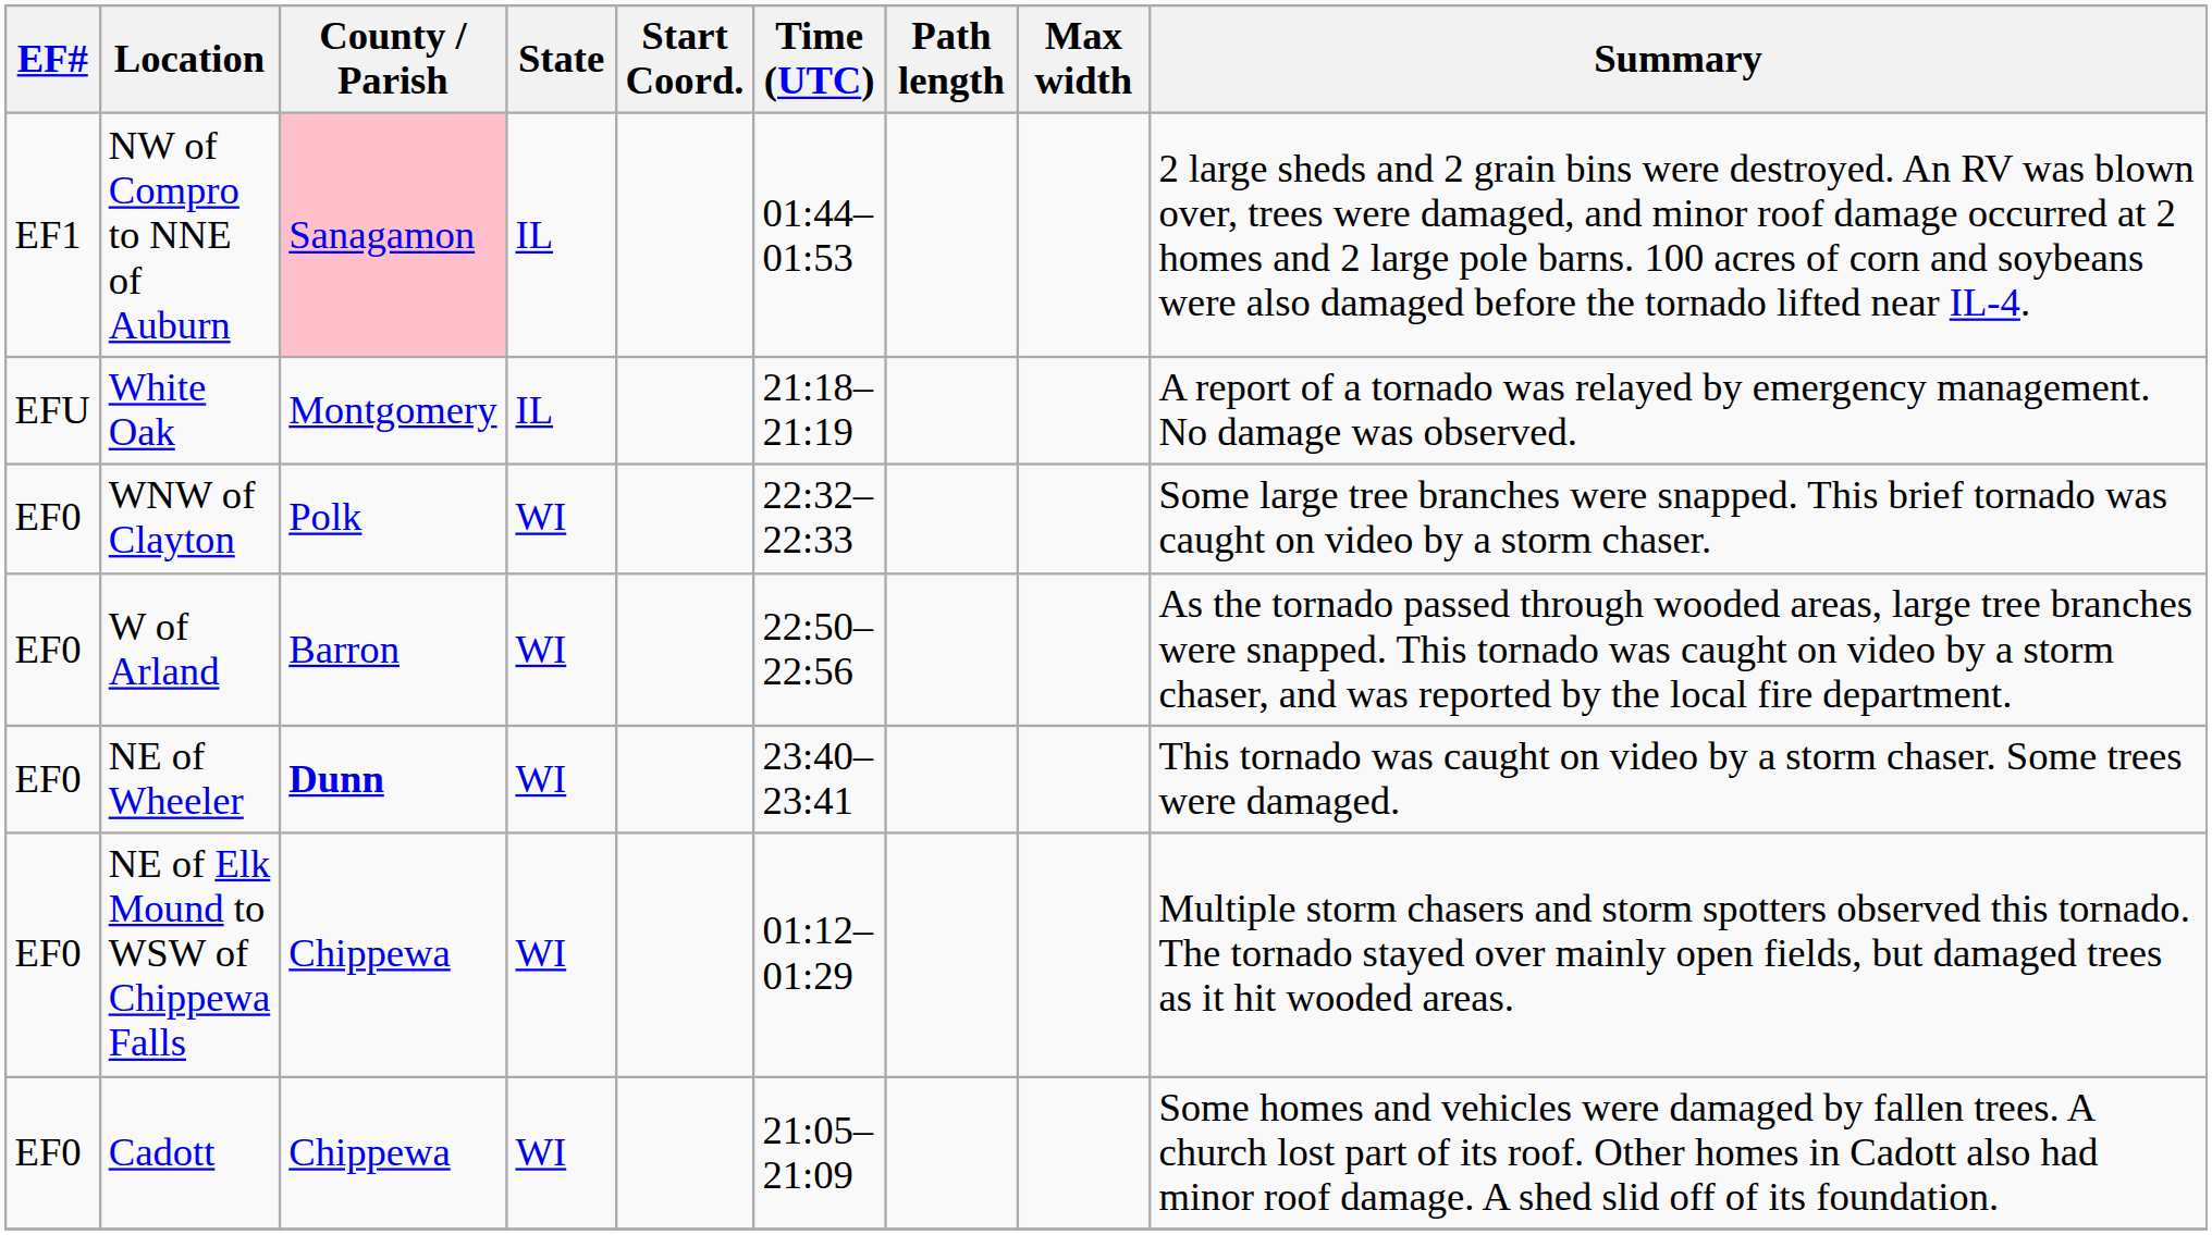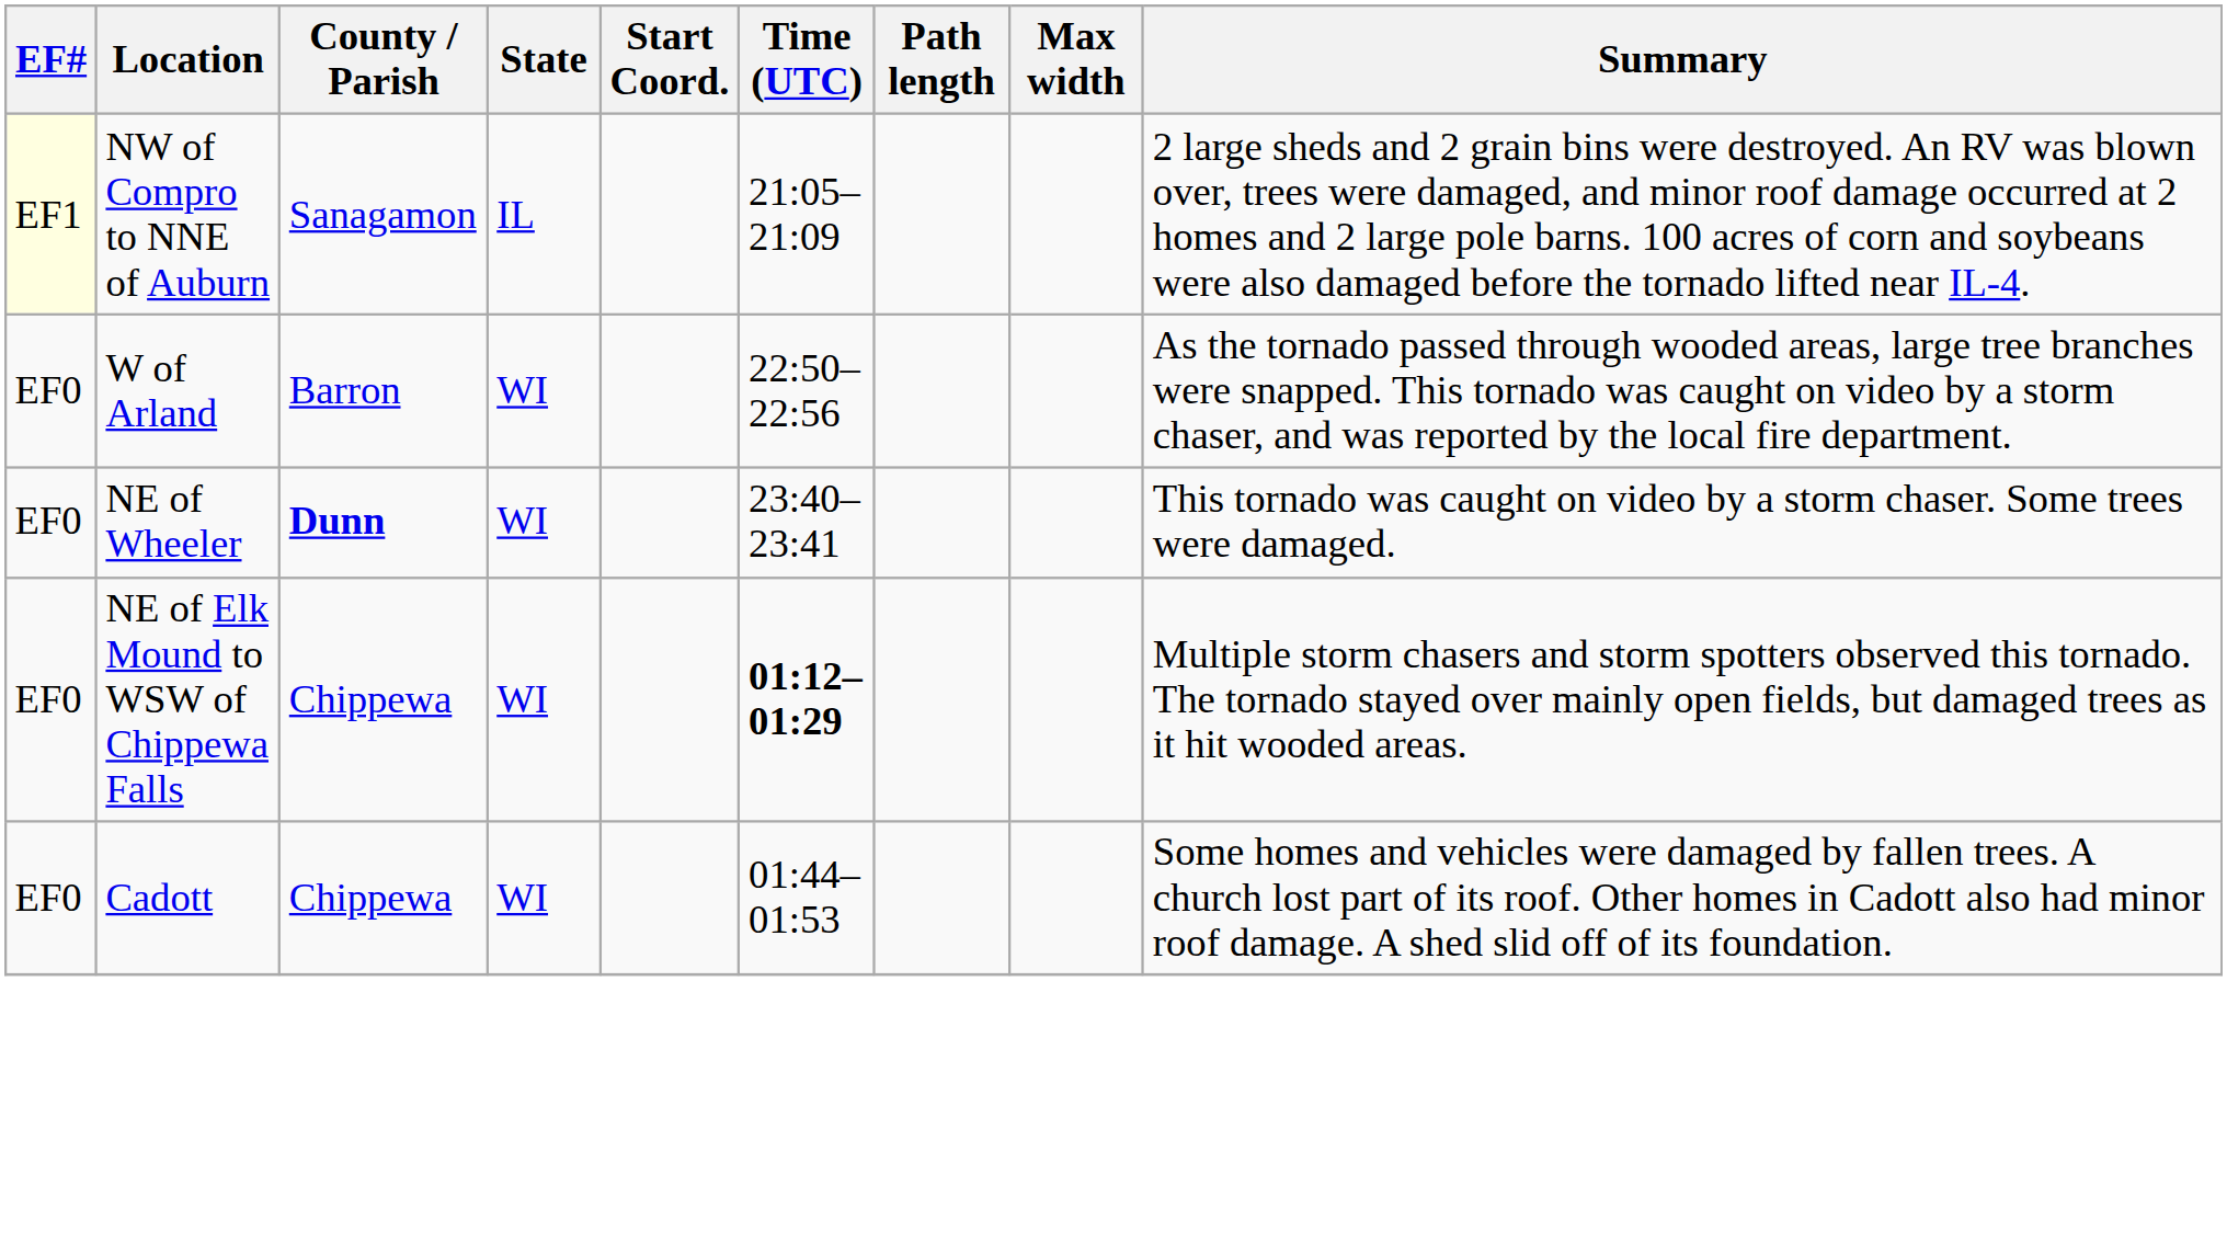 <table class="wikitable sortable" style="width:100%;">
 <tr>
 <th scope="col"  style="width:3%; text-align:center;"><a href='#'>EF#</a></th>
 <th scope="col"  style="width:7%; text-align:center;" class="unsortable">Location</th>
 <th scope="col"  style="width:6%; text-align:center;" class="unsortable">County / Parish</th>
 <th scope="col"  style="width:5%; text-align:center;">State</th>
 <th scope="col"  style="width:6%; text-align:center;">Start Coord.</th>
 <th scope="col"  style="width:6%; text-align:center;">Time (<a href='#'>UTC</a>)</th>
 <th scope="col"  style="width:6%; text-align:center;">Path length</th>
 <th scope="col"  style="width:6%; text-align:center;">Max width</th>
 <th scope="col" class="unsortable" style="width:48%; text-align:center;">Summary</th>
 </tr>
 <tr>
-<td>EF1</td>
+<td style="background: lightyellow;">EF1</td>
 <td>NW of <a href='#'>Compro</a> to NNE of <a href='#'>Auburn</a></td>
-<td style="background: pink;"><a href='#'>Sanagamon</a></td>
+<td><a href='#'>Sanagamon</a></td>
 <td><a href='#'>IL</a></td>
 <td></td>
-<td>01:44–01:53</td>
+<td>21:05–21:09</td>
 <td></td>
 <td></td>
 <td>2 large sheds and 2 grain bins were destroyed. An RV was blown over, trees were damaged, and minor roof damage occurred at 2 homes and 2 large pole barns. 100 acres of corn and soybeans were also damaged before the tornado lifted near <a href='#'>IL-4</a>.</td>
-</tr>
-<tr>
-<td>EFU</td>
-<td><a href='#'>White Oak</a></td>
-<td><a href='#'>Montgomery</a></td>
-<td><a href='#'>IL</a></td>
-<td></td>
-<td>21:18–21:19</td>
-<td></td>
-<td></td>
-<td>A report of a tornado was relayed by emergency management. No damage was observed.</td>
-</tr>
-<tr>
-<td>EF0</td>
-<td>WNW of <a href='#'>Clayton</a></td>
-<td><a href='#'>Polk</a></td>
-<td><a href='#'>WI</a></td>
-<td></td>
-<td>22:32–22:33</td>
-<td></td>
-<td></td>
-<td>Some large tree branches were snapped. This brief tornado was caught on video by a storm chaser.</td>
 </tr>
 <tr>
 <td>EF0</td>
 <td>W of <a href='#'>Arland</a></td>
 <td><a href='#'>Barron</a></td>
 <td><a href='#'>WI</a></td>
 <td></td>
 <td>22:50–22:56</td>
 <td></td>
 <td></td>
 <td>As the tornado passed through wooded areas, large tree branches were snapped. This tornado was caught on video by a storm chaser, and was reported by the local fire department.</td>
 </tr>
 <tr>
 <td>EF0</td>
 <td>NE of <a href='#'>Wheeler</a></td>
 <td><strong><a href='#'>Dunn</a></strong></td>
 <td><a href='#'>WI</a></td>
 <td></td>
 <td>23:40–23:41</td>
 <td></td>
 <td></td>
 <td>This tornado was caught on video by a storm chaser. Some trees were damaged.</td>
 </tr>
 <tr>
 <td>EF0</td>
 <td>NE of <a href='#'>Elk Mound</a> to WSW of <a href='#'>Chippewa Falls</a></td>
 <td><a href='#'>Chippewa</a></td>
 <td><a href='#'>WI</a></td>
 <td></td>
-<td>01:12–01:29</td>
+<td><strong>01:12–01:29</strong></td>
 <td></td>
 <td></td>
 <td>Multiple storm chasers and storm spotters observed this tornado. The tornado stayed over mainly open fields, but damaged trees as it hit wooded areas.</td>
 </tr>
 <tr>
 <td>EF0</td>
 <td><a href='#'>Cadott</a></td>
 <td><a href='#'>Chippewa</a></td>
 <td><a href='#'>WI</a></td>
 <td></td>
-<td>21:05–21:09</td>
+<td>01:44–01:53</td>
 <td></td>
 <td></td>
 <td>Some homes and vehicles were damaged by fallen trees. A church lost part of its roof. Other homes in Cadott also had minor roof damage. A shed slid off of its foundation.</td>
 </tr>
 <tr>
 </tr>
 </table>
